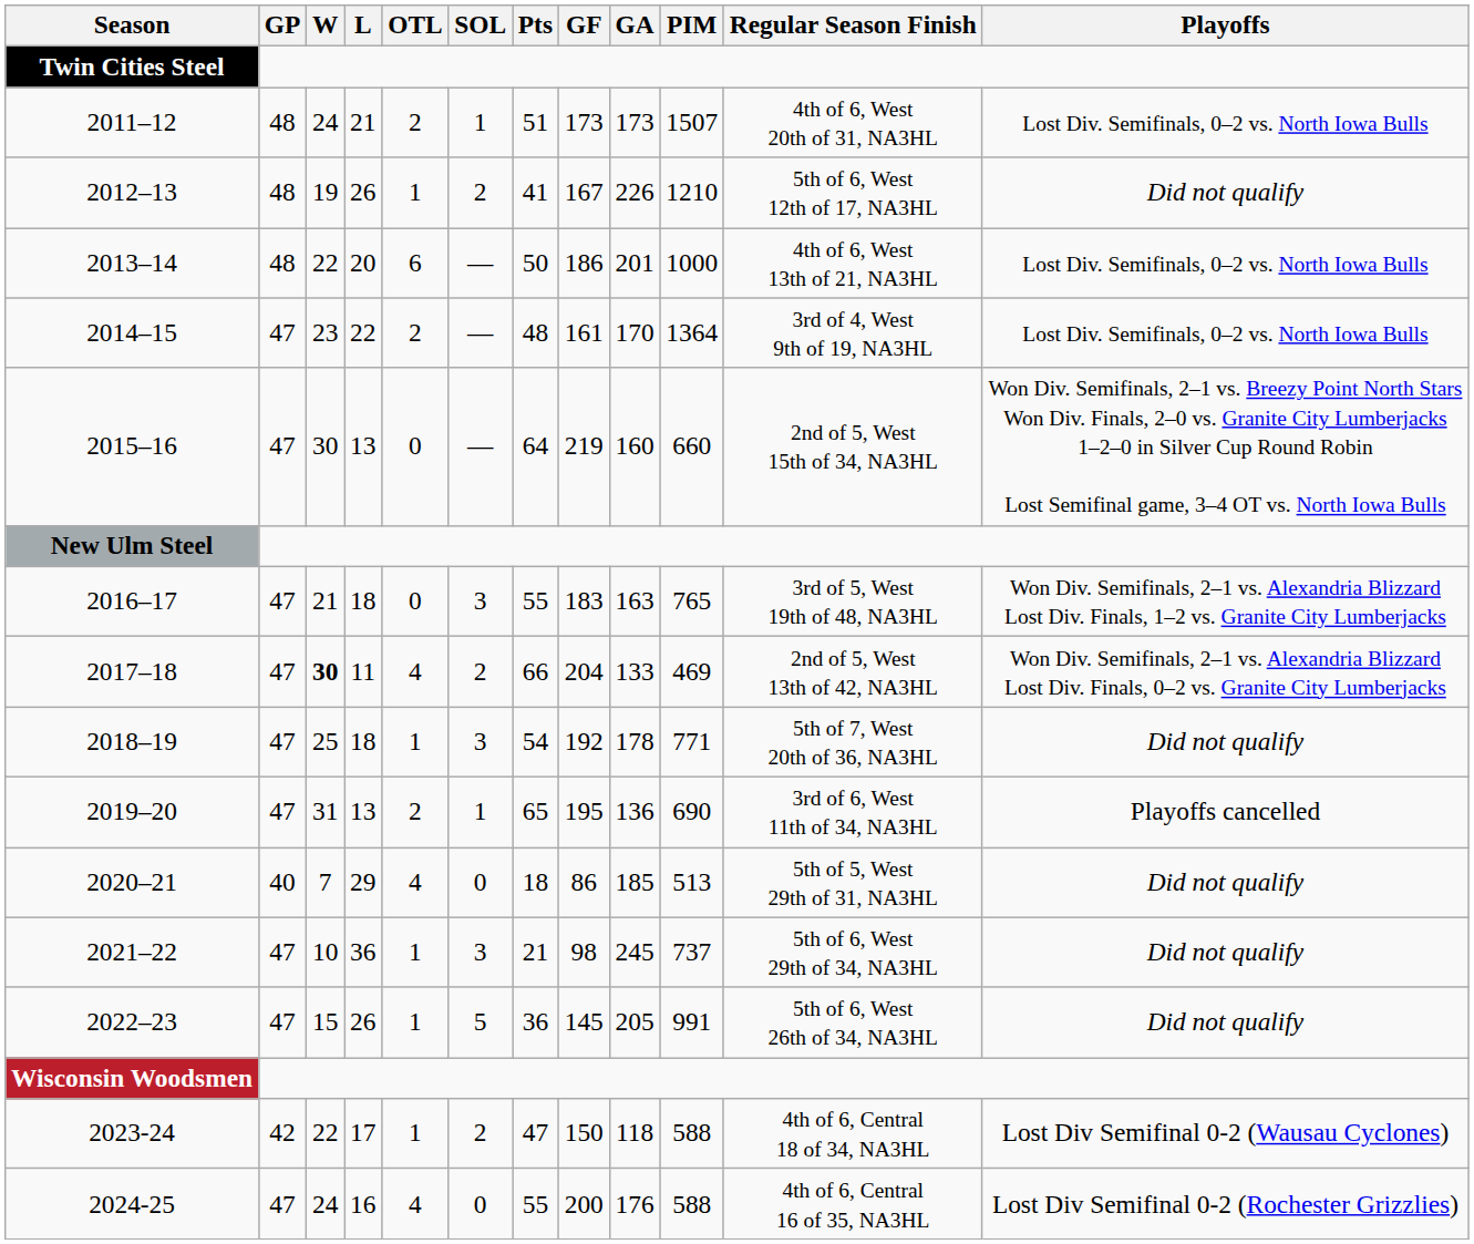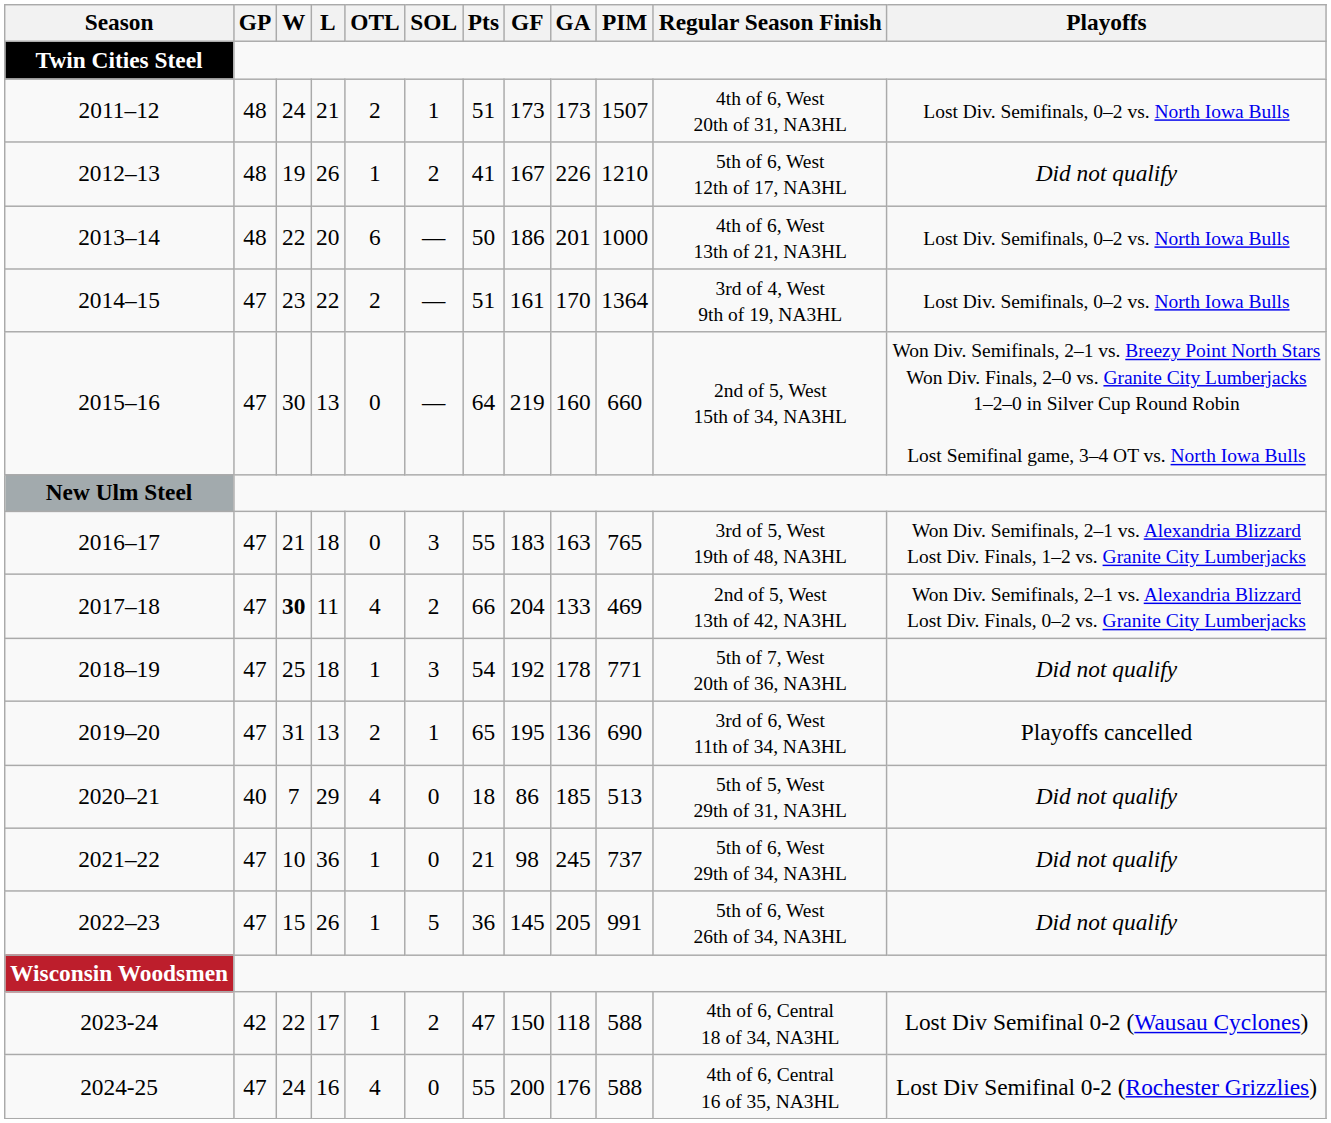 <table class="wikitable" style="text-align:center">
 <tr>
 <th>Season</th>
 <th>GP</th>
 <th>W</th>
 <th>L</th>
 <th>OTL</th>
 <th>SOL</th>
 <th>Pts</th>
 <th>GF</th>
 <th>GA</th>
 <th>PIM</th>
 <th>Regular Season Finish</th>
 <th>Playoffs</th>
 </tr>
 <tr align="center">
 <td style="color:white; background:#000000; "><strong>Twin Cities Steel</strong></td>
 </tr>
 <tr>
 <td>2011–12</td>
 <td>48</td>
 <td>24</td>
 <td>21</td>
 <td>2</td>
 <td>1</td>
 <td>51</td>
 <td>173</td>
 <td>173</td>
 <td>1507</td>
 <td><small>4th of 6, West<br>20th of 31, NA3HL</small></td>
 <td><small>Lost Div. Semifinals, 0–2 vs. <a href='#'>North Iowa Bulls</a></small></td>
 </tr>
 <tr>
 <td>2012–13</td>
 <td>48</td>
 <td>19</td>
 <td>26</td>
 <td>1</td>
 <td>2</td>
 <td>41</td>
 <td>167</td>
 <td>226</td>
 <td>1210</td>
 <td><small>5th of 6, West<br>12th of 17, NA3HL</small></td>
 <td><em>Did not qualify</em></td>
 </tr>
 <tr>
 <td>2013–14</td>
 <td>48</td>
 <td>22</td>
 <td>20</td>
 <td>6</td>
 <td>—</td>
 <td>50</td>
 <td>186</td>
 <td>201</td>
 <td>1000</td>
 <td><small>4th of 6, West<br>13th of 21, NA3HL</small></td>
 <td><small>Lost Div. Semifinals, 0–2 vs. <a href='#'>North Iowa Bulls</a></small></td>
 </tr>
 <tr>
 <td>2014–15</td>
 <td>47</td>
 <td>23</td>
 <td>22</td>
 <td>2</td>
 <td>—</td>
-<td>48</td>
+<td>51</td>
 <td>161</td>
 <td>170</td>
 <td>1364</td>
 <td><small>3rd of 4, West<br>9th of 19, NA3HL</small></td>
 <td><small>Lost Div. Semifinals, 0–2 vs. <a href='#'>North Iowa Bulls</a></small></td>
 </tr>
 <tr>
 <td>2015–16</td>
 <td>47</td>
 <td>30</td>
 <td>13</td>
 <td>0</td>
 <td>—</td>
 <td>64</td>
 <td>219</td>
 <td>160</td>
 <td>660</td>
 <td><small>2nd of 5, West<br>15th of 34, NA3HL</small></td>
 <td><small>Won Div. Semifinals, 2–1 vs. <a href='#'>Breezy Point North Stars</a><br>Won Div. Finals, 2–0 vs. <a href='#'>Granite City Lumberjacks</a><br>1–2–0 in Silver Cup Round Robin<br><br>Lost Semifinal game, 3–4 OT vs. <a href='#'>North Iowa Bulls</a></small></td>
 </tr>
 <tr align="center">
 <td style="color:black; background:#a2aaad; "><strong>New Ulm Steel</strong></td>
 </tr>
 <tr>
 <td>2016–17</td>
 <td>47</td>
 <td>21</td>
 <td>18</td>
 <td>0</td>
 <td>3</td>
 <td>55</td>
 <td>183</td>
 <td>163</td>
 <td>765</td>
 <td><small>3rd of 5, West<br>19th of 48, NA3HL</small></td>
 <td><small>Won Div. Semifinals, 2–1 vs. <a href='#'>Alexandria Blizzard</a><br>Lost Div. Finals, 1–2 vs. <a href='#'>Granite City Lumberjacks</a></small></td>
 </tr>
 <tr>
 <td>2017–18</td>
 <td>47</td>
 <td><strong>30</strong></td>
 <td>11</td>
 <td>4</td>
 <td>2</td>
 <td>66</td>
 <td>204</td>
 <td>133</td>
 <td>469</td>
 <td><small>2nd of 5, West<br>13th of 42, NA3HL</small></td>
 <td><small>Won Div. Semifinals, 2–1 vs. <a href='#'>Alexandria Blizzard</a><br>Lost Div. Finals, 0–2 vs. <a href='#'>Granite City Lumberjacks</a></small></td>
 </tr>
 <tr>
 <td>2018–19</td>
 <td>47</td>
 <td>25</td>
 <td>18</td>
 <td>1</td>
 <td>3</td>
 <td>54</td>
 <td>192</td>
 <td>178</td>
 <td>771</td>
 <td><small>5th of 7, West<br>20th of 36, NA3HL</small></td>
 <td><em>Did not qualify</em></td>
 </tr>
 <tr>
 <td>2019–20</td>
 <td>47</td>
 <td>31</td>
 <td>13</td>
 <td>2</td>
 <td>1</td>
 <td>65</td>
 <td>195</td>
 <td>136</td>
 <td>690</td>
 <td><small>3rd of 6, West<br>11th of 34, NA3HL</small></td>
 <td>Playoffs cancelled</td>
 </tr>
 <tr>
 <td>2020–21</td>
 <td>40</td>
 <td>7</td>
 <td>29</td>
 <td>4</td>
 <td>0</td>
 <td>18</td>
 <td>86</td>
 <td>185</td>
 <td>513</td>
 <td><small>5th of 5, West<br>29th of 31, NA3HL</small></td>
 <td><em>Did not qualify</em></td>
 </tr>
 <tr>
 <td>2021–22</td>
 <td>47</td>
 <td>10</td>
 <td>36</td>
 <td>1</td>
-<td>3</td>
+<td>0</td>
 <td>21</td>
 <td>98</td>
 <td>245</td>
 <td>737</td>
 <td><small>5th of 6, West<br>29th of 34, NA3HL</small></td>
 <td><em>Did not qualify</em></td>
 </tr>
 <tr>
 <td>2022–23</td>
 <td>47</td>
 <td>15</td>
 <td>26</td>
 <td>1</td>
 <td>5</td>
 <td>36</td>
 <td>145</td>
 <td>205</td>
 <td>991</td>
 <td><small>5th of 6, West<br>26th of 34, NA3HL</small></td>
 <td><em>Did not qualify</em></td>
 </tr>
 <tr align="center">
 <td style="color:white; background:#bd1e2c; "><strong>Wisconsin Woodsmen</strong></td>
 </tr>
 <tr>
 <td>2023-24</td>
 <td>42</td>
 <td>22</td>
 <td>17</td>
 <td>1</td>
 <td>2</td>
 <td>47</td>
 <td>150</td>
 <td>118</td>
 <td>588</td>
 <td><small>4th of 6, Central<br>18 of 34, NA3HL</small></td>
 <td>Lost Div Semifinal 0-2 (<a href='#'>Wausau Cyclones</a>)</td>
 </tr>
 <tr>
 <td>2024-25</td>
 <td>47</td>
 <td>24</td>
 <td>16</td>
 <td>4</td>
 <td>0</td>
 <td>55</td>
 <td>200</td>
 <td>176</td>
 <td>588</td>
 <td><small>4th of 6, Central<br>16 of 35, NA3HL</small></td>
 <td>Lost Div Semifinal 0-2 (<a href='#'>Rochester Grizzlies</a>)</td>
 </tr>
 </table>
